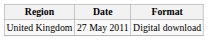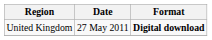 <table class=wikitable>
 <tr>
 <th>Region</th>
 <th>Date</th>
 <th>Format</th>
 </tr>
 <tr>
 <td>United Kingdom</td>
 <td>27 May 2011</td>
-<td>Digital download</td>
+<td><strong>Digital download</strong></td>
 </tr>
 <tr>
 </tr>
 </table>
